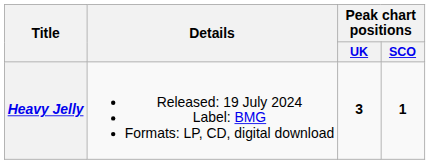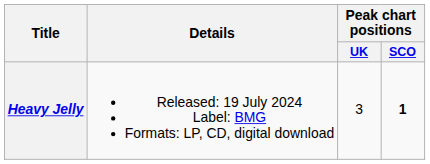 <table class="wikitable plainrowheaders" style="text-align:center;">
 <tr>
 <th scope="col" rowspan="2">Title</th>
 <th scope="col" rowspan="2">Details</th>
 <th scope="col" colspan="2">Peak chart positions</th>
 </tr>
 <tr>
 <th scope="col" style="width:3em;font-size:90%;"><a href='#'>UK</a><br></th>
 <th scope="col" style="width:3em;font-size:90%;"><a href='#'>SCO</a><br></th>
 </tr>
 <tr>
 <th scope="row"><em><a href='#'>Heavy Jelly</a></em></th>
 <td><br><ul><li>Released: 19 July 2024</li><li>Label: <a href='#'>BMG</a></li><li>Formats: LP, CD, digital download</li></ul></td>
-<td><strong>3</strong></td>
+<td>3</td>
 <td><strong>1</strong></td>
 </tr>
 </table>
